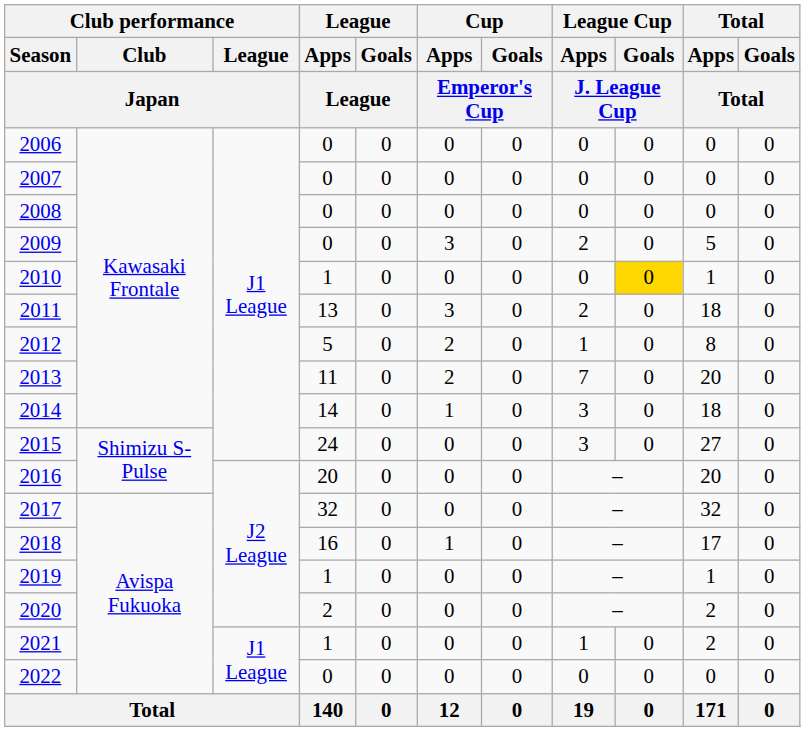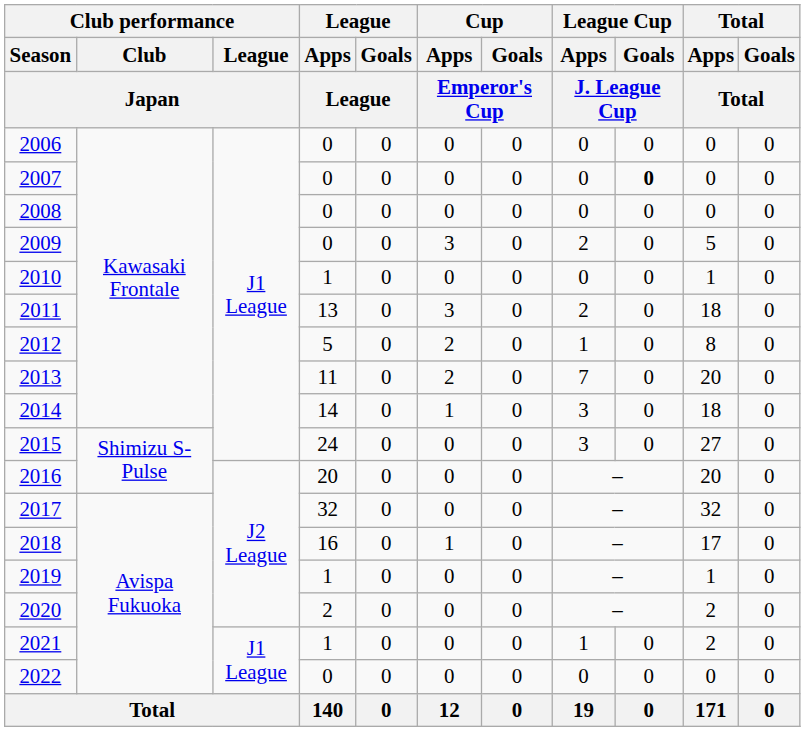 <table class="wikitable" style="text-align:center;">
 <tr>
 <th colspan=3>Club performance</th>
 <th colspan=2>League</th>
 <th colspan=2>Cup</th>
 <th colspan=2>League Cup</th>
 <th colspan=2>Total</th>
 </tr>
 <tr>
 <th>Season</th>
 <th>Club</th>
 <th>League</th>
 <th>Apps</th>
 <th>Goals</th>
 <th>Apps</th>
 <th>Goals</th>
 <th>Apps</th>
 <th>Goals</th>
 <th>Apps</th>
 <th>Goals</th>
 </tr>
 <tr>
 <th colspan=3>Japan</th>
 <th colspan=2>League</th>
 <th colspan=2><a href='#'>Emperor's Cup</a></th>
 <th colspan=2><a href='#'>J. League Cup</a></th>
 <th colspan=2>Total</th>
 </tr>
 <tr>
 <td><a href='#'>2006</a></td>
 <td rowspan="9"><a href='#'>Kawasaki Frontale</a></td>
 <td rowspan="10"><a href='#'>J1 League</a></td>
 <td>0</td>
 <td>0</td>
 <td>0</td>
 <td>0</td>
 <td>0</td>
 <td>0</td>
 <td>0</td>
 <td>0</td>
 </tr>
 <tr>
 <td><a href='#'>2007</a></td>
 <td>0</td>
 <td>0</td>
 <td>0</td>
 <td>0</td>
 <td>0</td>
-<td>0</td>
+<td><strong>0</strong></td>
 <td>0</td>
 <td>0</td>
 </tr>
 <tr>
 <td><a href='#'>2008</a></td>
 <td>0</td>
 <td>0</td>
 <td>0</td>
 <td>0</td>
 <td>0</td>
 <td>0</td>
 <td>0</td>
 <td>0</td>
 </tr>
 <tr>
 <td><a href='#'>2009</a></td>
 <td>0</td>
 <td>0</td>
 <td>3</td>
 <td>0</td>
 <td>2</td>
 <td>0</td>
 <td>5</td>
 <td>0</td>
 </tr>
 <tr>
 <td><a href='#'>2010</a></td>
 <td>1</td>
 <td>0</td>
 <td>0</td>
 <td>0</td>
 <td>0</td>
-<td style="background: gold;">0</td>
+<td>0</td>
 <td>1</td>
 <td>0</td>
 </tr>
 <tr>
 <td><a href='#'>2011</a></td>
 <td>13</td>
 <td>0</td>
 <td>3</td>
 <td>0</td>
 <td>2</td>
 <td>0</td>
 <td>18</td>
 <td>0</td>
 </tr>
 <tr>
 <td><a href='#'>2012</a></td>
 <td>5</td>
 <td>0</td>
 <td>2</td>
 <td>0</td>
 <td>1</td>
 <td>0</td>
 <td>8</td>
 <td>0</td>
 </tr>
 <tr>
 <td><a href='#'>2013</a></td>
 <td>11</td>
 <td>0</td>
 <td>2</td>
 <td>0</td>
 <td>7</td>
 <td>0</td>
 <td>20</td>
 <td>0</td>
 </tr>
 <tr>
 <td><a href='#'>2014</a></td>
 <td>14</td>
 <td>0</td>
 <td>1</td>
 <td>0</td>
 <td>3</td>
 <td>0</td>
 <td>18</td>
 <td>0</td>
 </tr>
 <tr>
 <td><a href='#'>2015</a></td>
 <td rowspan="2"><a href='#'>Shimizu S-Pulse</a></td>
 <td>24</td>
 <td>0</td>
 <td>0</td>
 <td>0</td>
 <td>3</td>
 <td>0</td>
 <td>27</td>
 <td>0</td>
 </tr>
 <tr>
 <td><a href='#'>2016</a></td>
 <td rowspan="5"><a href='#'>J2 League</a></td>
 <td>20</td>
 <td>0</td>
 <td>0</td>
 <td>0</td>
 <td colspan="2">–</td>
 <td>20</td>
 <td>0</td>
 </tr>
 <tr>
 <td><a href='#'>2017</a></td>
 <td rowspan="6"><a href='#'>Avispa Fukuoka</a></td>
 <td>32</td>
 <td>0</td>
 <td>0</td>
 <td>0</td>
 <td colspan="2">–</td>
 <td>32</td>
 <td>0</td>
 </tr>
 <tr>
 <td><a href='#'>2018</a></td>
 <td>16</td>
 <td>0</td>
 <td>1</td>
 <td>0</td>
 <td colspan="2">–</td>
 <td>17</td>
 <td>0</td>
 </tr>
 <tr>
 <td><a href='#'>2019</a></td>
 <td>1</td>
 <td>0</td>
 <td>0</td>
 <td>0</td>
 <td colspan="2">–</td>
 <td>1</td>
 <td>0</td>
 </tr>
 <tr>
 <td><a href='#'>2020</a></td>
 <td>2</td>
 <td>0</td>
 <td>0</td>
 <td>0</td>
 <td colspan="2">–</td>
 <td>2</td>
 <td>0</td>
 </tr>
 <tr>
 <td><a href='#'>2021</a></td>
 <td rowspan="2"><a href='#'>J1 League</a></td>
 <td>1</td>
 <td>0</td>
 <td>0</td>
 <td>0</td>
 <td>1</td>
 <td>0</td>
 <td>2</td>
 <td>0</td>
 </tr>
 <tr>
 <td><a href='#'>2022</a></td>
 <td>0</td>
 <td>0</td>
 <td>0</td>
 <td>0</td>
 <td>0</td>
 <td>0</td>
 <td>0</td>
 <td>0</td>
 </tr>
 <tr>
 <th colspan=3>Total</th>
 <th>140</th>
 <th>0</th>
 <th>12</th>
 <th>0</th>
 <th>19</th>
 <th>0</th>
 <th>171</th>
 <th>0</th>
 </tr>
 <tr>
 </tr>
 </table>
